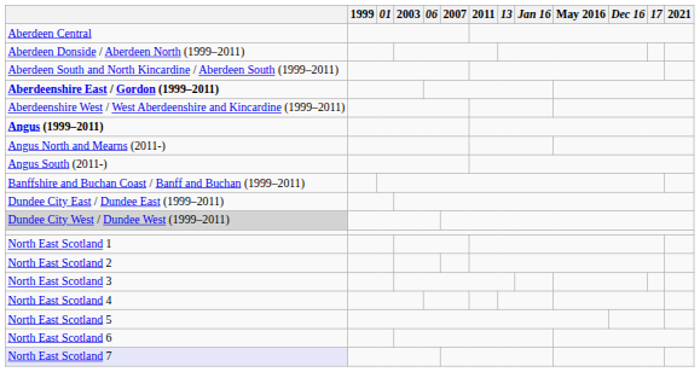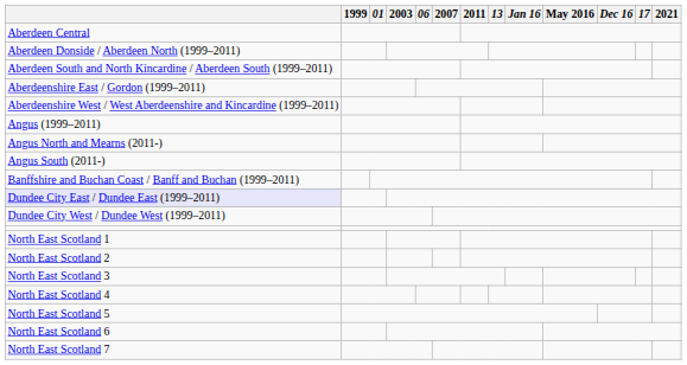 <table class="wikitable">
 <tr>
 <th></th>
 <th>1999</th>
 <th><em>01</em></th>
 <th>2003</th>
 <th><em>06</em></th>
 <th>2007</th>
 <th>2011</th>
 <th><em>13</em></th>
 <th><em>Jan 16</em></th>
 <th>May 2016</th>
 <th><em>Dec 16</em></th>
 <th><em>17</em></th>
 <th>2021</th>
 </tr>
 <tr>
 <td><a href='#'>Aberdeen Central</a></td>
 <td colspan="5"><a href='#'></a></td>
 <td colspan="7"><a href='#'></a></td>
 </tr>
 <tr>
 <td><a href='#'>Aberdeen Donside</a> / <a href='#'>Aberdeen North</a> (1999–2011)</td>
 <td colspan="2"><a href='#'></a></td>
 <td colspan="4"><a href='#'></a></td>
 <td colspan="4"><a href='#'></a></td>
 <td><a href='#'></a></td>
 <td><a href='#'></a></td>
 </tr>
 <tr>
 <td><a href='#'>Aberdeen South and North Kincardine</a> / <a href='#'>Aberdeen South</a> (1999–2011)</td>
 <td colspan="5"><a href='#'></a></td>
 <td colspan="6"><a href='#'></a></td>
 <td><a href='#'></a></td>
 </tr>
 <tr>
-<td><strong><a href='#'>Aberdeenshire East</a> / <a href='#'>Gordon</a> (1999–2011)</strong></td>
+<td><a href='#'>Aberdeenshire East</a> / <a href='#'>Gordon</a> (1999–2011)</td>
 <td colspan="3"><a href='#'></a></td>
 <td colspan="5"><a href='#'></a></td>
 <td colspan="4"><a href='#'></a></td>
 </tr>
 <tr>
 <td><a href='#'>Aberdeenshire West</a> / <a href='#'>West Aberdeenshire and Kincardine</a> (1999–2011)</td>
 <td colspan="5"><a href='#'></a></td>
 <td colspan="3"><a href='#'></a></td>
 <td colspan="4"><a href='#'></a></td>
 </tr>
 <tr>
-<td><strong><a href='#'>Angus</a> (1999–2011)</strong></td>
+<td><a href='#'>Angus</a> (1999–2011)</td>
 <td colspan="5"><a href='#'></a></td>
 <td colspan="7"></td>
 </tr>
 <tr>
 <td><a href='#'>Angus North and Mearns</a> (2011-)</td>
 <td colspan="5"></td>
 <td colspan="3"><a href='#'></a></td>
 <td colspan="4"><a href='#'></a></td>
 </tr>
 <tr>
 <td><a href='#'>Angus South</a> (2011-)</td>
 <td colspan="5"></td>
 <td colspan="7"><a href='#'></a></td>
 </tr>
 <tr>
 <td><a href='#'>Banffshire and Buchan Coast</a> / <a href='#'>Banff and Buchan</a> (1999–2011)</td>
 <td><a href='#'></a></td>
 <td colspan="10"><a href='#'></a></td>
 <td><a href='#'></a></td>
 </tr>
 <tr>
-<td><a href='#'>Dundee City East</a> / <a href='#'>Dundee East</a> (1999–2011)</td>
+<td style="background: lavender;"><a href='#'>Dundee City East</a> / <a href='#'>Dundee East</a> (1999–2011)</td>
 <td colspan="2"><a href='#'></a></td>
 <td colspan="10"><a href='#'></a></td>
 </tr>
 <tr>
-<td style="background: lightgrey;"><a href='#'>Dundee City West</a> / <a href='#'>Dundee West</a> (1999–2011)</td>
+<td><a href='#'>Dundee City West</a> / <a href='#'>Dundee West</a> (1999–2011)</td>
 <td colspan="4"><a href='#'></a></td>
 <td colspan="8"><a href='#'></a></td>
 </tr>
 <tr>
 <td></td>
 <td colspan="12"></td>
 </tr>
 <tr>
 <td><a href='#'>North East Scotland</a> 1</td>
 <td colspan="2"><a href='#'></a></td>
 <td colspan="3"><a href='#'></a></td>
 <td colspan="6"><a href='#'></a></td>
 <td><a href='#'></a></td>
 </tr>
 <tr>
 <td><a href='#'>North East Scotland</a> 2</td>
 <td colspan="2"><a href='#'></a></td>
 <td colspan="2"><a href='#'></a></td>
 <td><a href='#'></a></td>
 <td colspan="6"><a href='#'></a></td>
 <td><a href='#'></a></td>
 </tr>
 <tr>
 <td><a href='#'>North East Scotland</a> 3</td>
 <td colspan="2"><a href='#'></a></td>
 <td colspan="5"><a href='#'></a></td>
 <td><a href='#'></a></td>
 <td colspan="2"><a href='#'></a></td>
 <td colspan="1"><a href='#'></a></td>
 <td><a href='#'></a></td>
 </tr>
 <tr>
 <td><a href='#'>North East Scotland</a> 4</td>
 <td colspan="3"><a href='#'></a></td>
 <td colspan="2"><a href='#'></a></td>
 <td><a href='#'></a></td>
 <td colspan="2"><a href='#'></a></td>
 <td colspan="3"><a href='#'></a></td>
 <td><a href='#'></a></td>
 </tr>
 <tr>
 <td><a href='#'>North East Scotland</a> 5</td>
 <td colspan="9"><a href='#'></a></td>
 <td colspan="2"><a href='#'></a></td>
 <td><a href='#'></a></td>
 </tr>
 <tr>
 <td><a href='#'>North East Scotland</a> 6</td>
 <td colspan="2"><a href='#'></a></td>
 <td colspan="6"><a href='#'></a></td>
 <td colspan="4"><a href='#'></a></td>
 </tr>
 <tr>
-<td style="background: lavender;"><a href='#'>North East Scotland</a> 7</td>
+<td><a href='#'>North East Scotland</a> 7</td>
 <td colspan="4"><a href='#'></a></td>
 <td colspan="4"><a href='#'></a></td>
 <td colspan="3"><a href='#'></a></td>
 <td><a href='#'></a></td>
 </tr>
 </table>
